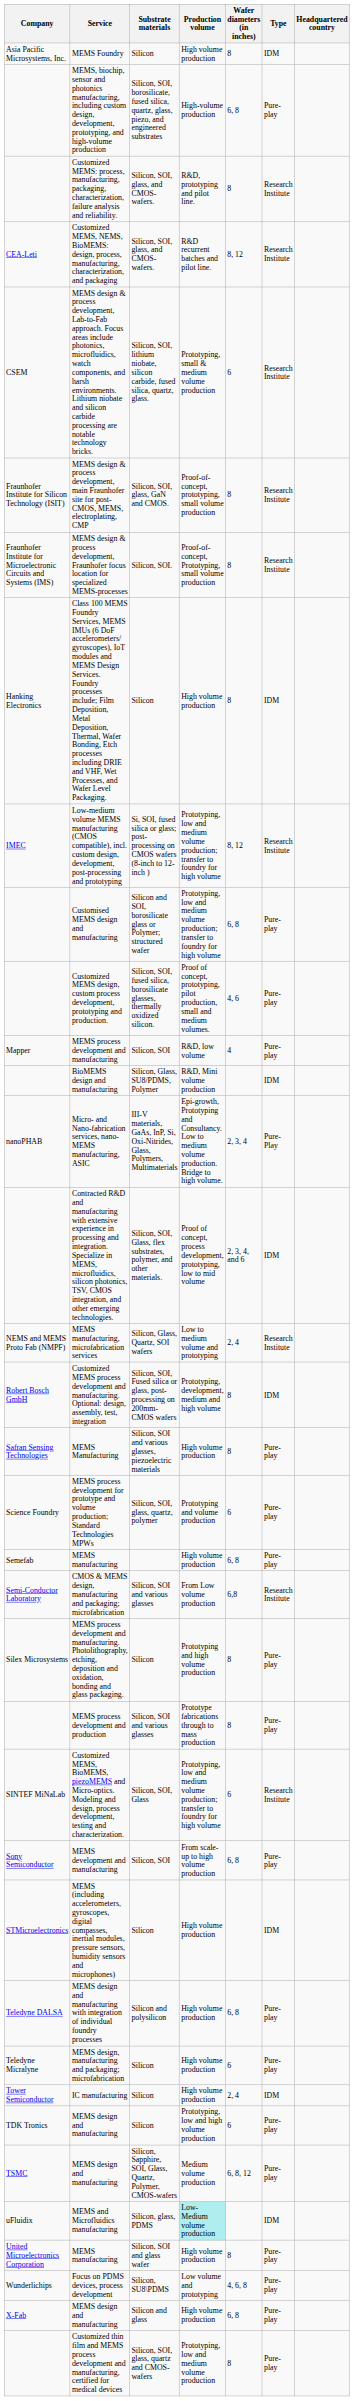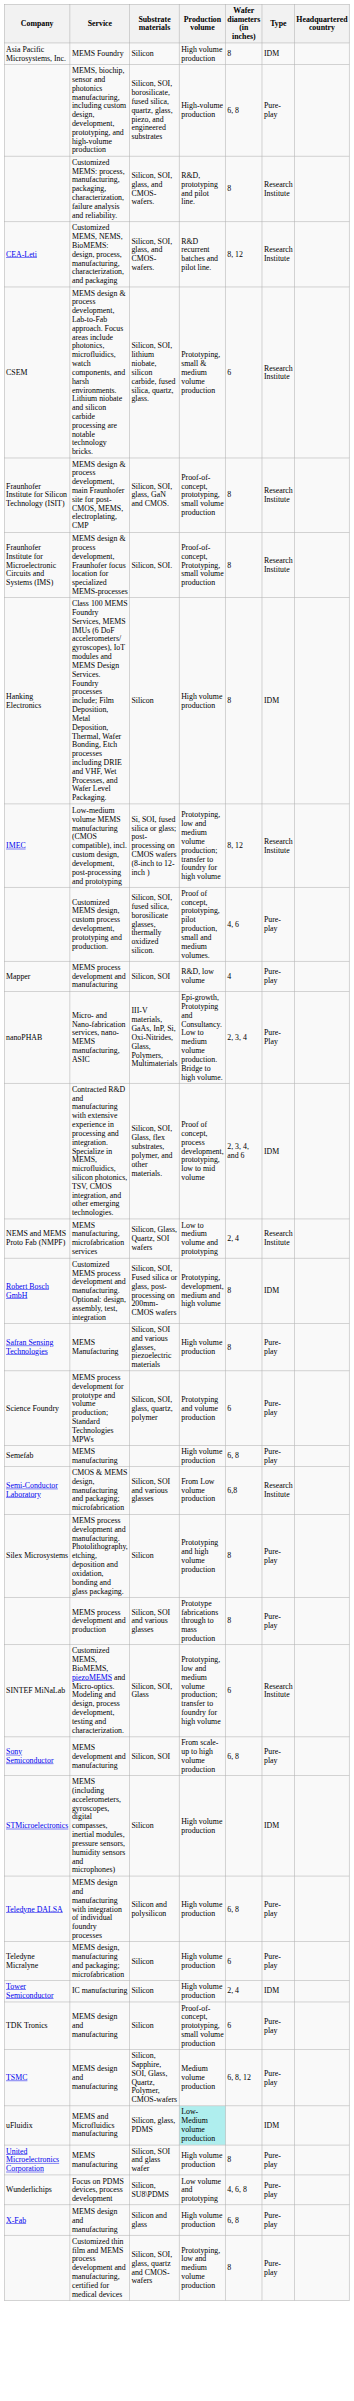 <table class="wikitable sortable">
 <tr>
 <th>Company</th>
 <th>Service</th>
 <th>Substrate materials</th>
 <th>Production volume</th>
 <th>Wafer diameters (in inches)</th>
 <th>Type</th>
 <th>Headquartered country</th>
 </tr>
 <tr>
 <td>Asia Pacific Microsystems, Inc.</td>
 <td>MEMS Foundry</td>
 <td>Silicon</td>
 <td>High volume production</td>
 <td>8</td>
 <td>IDM</td>
 <td></td>
 </tr>
 <tr>
 <td></td>
 <td>MEMS, biochip, sensor and photonics manufacturing, including custom design, development, prototyping, and high-volume production</td>
 <td>Silicon, SOI, borosilicate, fused silica, quartz, glass, piezo, and engineered substrates</td>
 <td>High-volume production</td>
 <td>6, 8</td>
 <td>Pure-play</td>
 <td></td>
 </tr>
 <tr>
 <td></td>
 <td>Customized MEMS: process, manufacturing, packaging, characterization, failure analysis and reliability.</td>
 <td>Silicon, SOI, glass, and CMOS-wafers.</td>
 <td>R&D, prototyping and pilot line.</td>
 <td>8</td>
 <td>Research Institute</td>
 <td></td>
 </tr>
 <tr>
 <td><a href='#'>CEA-Leti</a></td>
 <td>Customized MEMS, NEMS, BioMEMS: design, process, manufacturing,  characterization, and packaging</td>
 <td>Silicon, SOI, glass, and CMOS-wafers.</td>
 <td>R&D recurrent batches and pilot line.</td>
 <td>8, 12</td>
 <td>Research Institute</td>
 <td></td>
 </tr>
 <tr>
 <td>CSEM</td>
 <td>MEMS design & process development, Lab-to-Fab approach. Focus areas include photonics, microfluidics, watch components, and harsh environments. Lithium niobate and silicon carbide processing are notable technology bricks.</td>
 <td>Silicon, SOI, lithium niobate, silicon carbide, fused silica, quartz, glass.</td>
 <td>Prototyping, small & medium volume production</td>
 <td>6</td>
 <td>Research Institute</td>
 <td></td>
 </tr>
 <tr>
 <td>Fraunhofer Institute for Silicon Technology (ISIT)</td>
 <td>MEMS design & process development, main Fraunhofer site for post-CMOS, MEMS, electroplating, CMP</td>
 <td>Silicon, SOI, glass, GaN and CMOS.</td>
 <td>Proof-of-concept, prototyping, small volume production</td>
 <td>8</td>
 <td>Research Institute</td>
 <td></td>
 </tr>
 <tr>
 <td>Fraunhofer Institute for Microelectronic Circuits and Systems (IMS)</td>
 <td>MEMS design & process development, Fraunhofer focus location for specialized MEMS-processes</td>
 <td>Silicon, SOI.</td>
 <td>Proof-of-concept, Prototyping, small volume production</td>
 <td>8</td>
 <td>Research Institute</td>
 <td></td>
 </tr>
 <tr>
 <td>Hanking Electronics</td>
 <td>Class 100 MEMS Foundry Services, MEMS IMUs (6 DoF accelerometers/ gyroscopes), IoT modules and MEMS Design Services.  Foundry processes include; Film Deposition, Metal Deposition, Thermal, Wafer Bonding, Etch processes including DRIE and VHF, Wet Processes, and Wafer Level Packaging.</td>
 <td>Silicon</td>
 <td>High volume production</td>
 <td>8</td>
 <td>IDM</td>
 <td></td>
 </tr>
 <tr>
 <td><a href='#'>IMEC</a></td>
 <td>Low-medium volume MEMS manufacturing (CMOS compatible), incl. custom design, development, post-processing and prototyping</td>
 <td>Si, SOI, fused silica or glass; post-processing on CMOS wafers (8-inch to 12-inch )</td>
 <td>Prototyping, low and medium volume production; transfer to foundry for high volume</td>
 <td>8, 12</td>
 <td>Research Institute</td>
 <td></td>
 </tr>
 <tr>
 <td></td>
-<td>Customised MEMS design and manufacturing</td>
-<td>Silicon and SOI,  borosilicate glass or Polymer; structured wafer</td>
-<td>Prototyping, low and medium volume production; transfer to foundry for high volume</td>
-<td>6, 8</td>
-<td>Pure-play</td>
-<td></td>
-</tr>
-<tr>
-<td></td>
 <td>Customized MEMS design, custom process development, prototyping and production.</td>
 <td>Silicon, SOI, fused silica, borosilicate glasses, thermally oxidized silicon.</td>
 <td>Proof of concept, prototyping, pilot production, small and medium volumes.</td>
 <td>4, 6</td>
 <td>Pure-play</td>
 <td></td>
 </tr>
 <tr>
 <td>Mapper</td>
 <td>MEMS process development and manufacturing</td>
 <td>Silicon, SOI</td>
 <td>R&D, low volume</td>
 <td>4</td>
 <td>Pure-play</td>
-<td></td>
-</tr>
-<tr>
-<td></td>
-<td>BioMEMS design and manufacturing</td>
-<td>Silicon, Glass, SU8/PDMS, Polymer</td>
-<td>R&D, Mini volume production</td>
-<td></td>
-<td>IDM</td>
 <td></td>
 </tr>
 <tr>
 <td>nanoPHAB</td>
 <td>Micro- and Nano-fabrication services, nano-MEMS manufacturing, ASIC</td>
 <td>III-V materials, GaAs, InP, Si, Oxi-Nitrides, Glass, Polymers, Multimaterials</td>
 <td>Epi-growth, Prototyping and Consultancy. Low to medium volume production. Bridge to high volume.</td>
 <td>2, 3, 4</td>
 <td>Pure-Play</td>
 <td></td>
 </tr>
 <tr>
 <td></td>
 <td>Contracted R&D and manufacturing with extensive experience in processing and integration.  Specialize in MEMS, microfluidics, silicon photonics, TSV, CMOS integration, and other emerging technologies.</td>
 <td>Silicon, SOI, Glass, flex substrates, polymer, and other materials.</td>
 <td>Proof of concept, process development, prototyping, low to mid volume</td>
 <td>2, 3, 4, and 6</td>
 <td>IDM</td>
 <td></td>
 </tr>
 <tr>
 <td>NEMS and MEMS Proto Fab (NMPF)</td>
 <td>MEMS manufacturing, microfabrication services</td>
 <td>Silicon, Glass, Quartz, SOI wafers</td>
 <td>Low to medium volume and prototyping</td>
 <td>2, 4</td>
 <td>Research Institute</td>
 <td></td>
 </tr>
 <tr>
 <td><a href='#'>Robert Bosch GmbH</a></td>
 <td>Customized MEMS process development and manufacturing. Optional: design, assembly, test, integration</td>
 <td>Silicon, SOI, Fused silica or glass, post-processing on 200mm-CMOS wafers</td>
 <td>Prototyping, development, medium and high volume</td>
 <td>8</td>
 <td>IDM</td>
 <td></td>
 </tr>
 <tr>
 <td><a href='#'>Safran Sensing Technologies</a></td>
 <td>MEMS Manufacturing</td>
 <td>Silicon, SOI and various glasses, piezoelectric materials</td>
 <td>High volume production</td>
 <td>8</td>
 <td>Pure-play</td>
 <td><br></td>
 </tr>
 <tr>
 <td>Science Foundry</td>
 <td>MEMS process development for prototype and volume production; Standard Technologies MPWs</td>
 <td>Silicon, SOI, glass, quartz, polymer</td>
 <td>Prototyping and volume production</td>
 <td>6</td>
 <td>Pure-play</td>
 <td></td>
 </tr>
 <tr>
 <td>Semefab</td>
 <td>MEMS manufacturing</td>
 <td></td>
 <td>High volume production</td>
 <td>6, 8</td>
 <td>Pure-play</td>
 <td></td>
 </tr>
 <tr>
 <td><a href='#'>Semi-Conductor Laboratory</a></td>
 <td>CMOS & MEMS design, manufacturing and packaging; microfabrication</td>
 <td>Silicon, SOI and various glasses</td>
 <td>From Low volume production</td>
 <td>6,8</td>
 <td>Research Institute</td>
 <td></td>
 </tr>
 <tr>
 <td>Silex Microsystems</td>
 <td>MEMS process development and manufacturing. Photolithography, etching, deposition and oxidation, bonding and glass packaging.</td>
 <td>Silicon</td>
 <td>Prototyping and high volume production</td>
 <td>8</td>
 <td>Pure-play</td>
 <td><br></td>
 </tr>
 <tr>
 <td></td>
 <td>MEMS process development and production</td>
 <td>Silicon, SOI and various glasses</td>
 <td>Prototype fabrications through to mass production</td>
 <td>8</td>
 <td>Pure-play</td>
 <td><br></td>
 </tr>
 <tr>
 <td>SINTEF MiNaLab</td>
 <td>Customized MEMS, BioMEMS, <a href='#'>piezoMEMS</a> and Micro-optics. Modeling and design, process development, testing and characterization.</td>
 <td>Silicon, SOI, Glass</td>
 <td>Prototyping, low and medium volume production; transfer to foundry for high volume</td>
 <td>6</td>
 <td>Research Institute</td>
 <td></td>
 </tr>
 <tr>
 <td><a href='#'>Sony Semiconductor</a></td>
 <td>MEMS development and manufacturing</td>
 <td>Silicon, SOI</td>
 <td>From scale-up to high volume production</td>
 <td>6, 8</td>
 <td>Pure-play</td>
 <td></td>
 </tr>
 <tr>
 <td><a href='#'>STMicroelectronics</a></td>
 <td>MEMS (including accelerometers, gyroscopes, digital compasses, inertial modules, pressure sensors, humidity sensors and microphones)</td>
 <td>Silicon</td>
 <td>High volume production</td>
 <td></td>
 <td>IDM</td>
 <td></td>
 </tr>
 <tr>
 <td><a href='#'>Teledyne DALSA</a></td>
 <td>MEMS design and manufacturing with integration of individual foundry processes</td>
 <td>Silicon and polysilicon</td>
 <td>High volume production</td>
 <td>6, 8</td>
 <td>Pure-play</td>
 <td></td>
 </tr>
 <tr>
 <td>Teledyne Micralyne</td>
 <td>MEMS design, manufacturing and packaging; microfabrication</td>
 <td>Silicon</td>
 <td>High volume production</td>
 <td>6</td>
 <td>Pure-play</td>
 <td></td>
 </tr>
 <tr>
 <td><a href='#'>Tower Semiconductor</a></td>
 <td>IC manufacturing</td>
 <td>Silicon</td>
 <td>High volume production</td>
 <td>2, 4</td>
 <td>IDM</td>
 <td></td>
 </tr>
 <tr>
 <td>TDK Tronics</td>
 <td>MEMS design and manufacturing</td>
 <td>Silicon</td>
-<td>Prototyping, low and high volume production</td>
+<td>Proof-of-concept, prototyping, small volume production</td>
 <td>6</td>
 <td>Pure-play</td>
 <td><br></td>
 </tr>
 <tr>
 <td><a href='#'>TSMC</a></td>
 <td>MEMS design and manufacturing</td>
 <td>Silicon, Sapphire, SOI, Glass, Quartz, Polymer, CMOS-wafers</td>
 <td>Medium volume production</td>
 <td>6, 8, 12</td>
 <td>Pure-play</td>
 <td></td>
 </tr>
 <tr>
 <td>uFluidix</td>
 <td>MEMS and Microfluidics manufacturing</td>
 <td>Silicon, glass, PDMS</td>
 <td style="background: paleturquoise;">Low-Medium volume production</td>
 <td></td>
 <td>IDM</td>
 <td></td>
 </tr>
 <tr>
 <td><a href='#'>United Microelectronics Corporation</a></td>
 <td>MEMS manufacturing</td>
 <td>Silicon, SOI and glass wafer</td>
 <td>High volume production</td>
 <td>8</td>
 <td>Pure-play</td>
 <td></td>
 </tr>
 <tr>
 <td>Wunderlichips</td>
 <td>Focus on PDMS devices, process development</td>
 <td>Silicon, SU8\PDMS</td>
 <td>Low volume and prototyping</td>
 <td>4, 6, 8</td>
 <td>Pure-play</td>
 <td></td>
 </tr>
 <tr>
 <td><a href='#'>X-Fab</a></td>
 <td>MEMS design and manufacturing</td>
 <td>Silicon and glass</td>
 <td>High volume production</td>
 <td>6, 8</td>
 <td>Pure-play</td>
 <td></td>
 </tr>
 <tr>
 <td></td>
 <td>Customized thin film and MEMS process development and manufacturing, certified for medical devices</td>
 <td>Silicon, SOI, glass, quartz and CMOS-wafers</td>
 <td>Prototyping, low and medium volume production</td>
 <td>8</td>
 <td>Pure-play</td>
 <td></td>
 </tr>
 </table>
